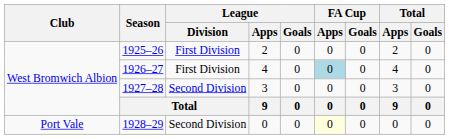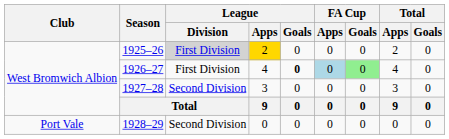 <table class="wikitable" style="text-align: center;">
 <tr>
 <th rowspan="2">Club</th>
 <th rowspan="2">Season</th>
 <th colspan="3">League</th>
 <th colspan="2">FA Cup</th>
 <th colspan="2">Total</th>
 </tr>
 <tr>
 <th>Division</th>
 <th>Apps</th>
 <th>Goals</th>
 <th>Apps</th>
 <th>Goals</th>
 <th>Apps</th>
 <th>Goals</th>
 </tr>
 <tr>
 <td rowspan="4"><a href='#'>West Bromwich Albion</a></td>
 <td><a href='#'>1925–26</a></td>
-<td><a href='#'>First Division</a></td>
-<td>2</td>
+<td style="background: lightgrey;"><a href='#'>First Division</a></td>
+<td style="background: gold;">2</td>
 <td>0</td>
 <td>0</td>
 <td>0</td>
 <td>2</td>
 <td>0</td>
 </tr>
 <tr>
 <td><a href='#'>1926–27</a></td>
 <td>First Division</td>
 <td>4</td>
-<td>0</td>
+<td><strong>0</strong></td>
 <td style="background: lightblue;">0</td>
-<td>0</td>
+<td style="background: lightgreen;">0</td>
 <td>4</td>
 <td>0</td>
 </tr>
 <tr>
 <td><a href='#'>1927–28</a></td>
 <td><a href='#'>Second Division</a></td>
 <td>3</td>
 <td>0</td>
 <td>0</td>
 <td>0</td>
 <td>3</td>
 <td>0</td>
 </tr>
 <tr>
 <th colspan="2">Total</th>
 <th>9</th>
 <th>0</th>
 <th>0</th>
 <th>0</th>
 <th>9</th>
 <th>0</th>
 </tr>
 <tr>
 <td><a href='#'>Port Vale</a></td>
 <td><a href='#'>1928–29</a></td>
 <td>Second Division</td>
 <td>0</td>
 <td>0</td>
-<td style="background: lightyellow;">0</td>
+<td>0</td>
 <td>0</td>
 <td>0</td>
 <td>0</td>
 </tr>
 </table>
